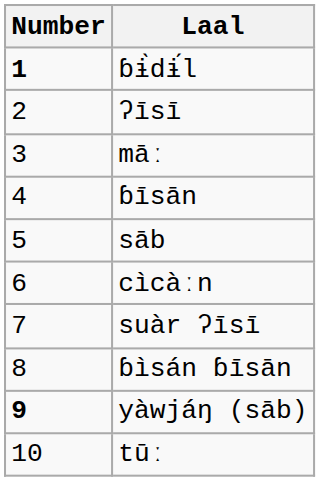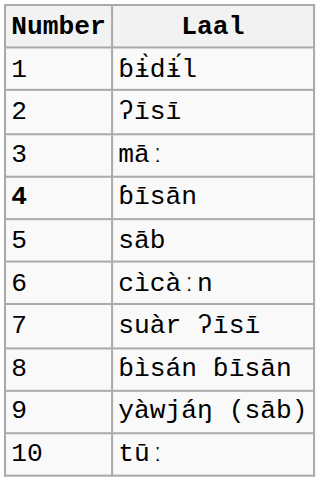 <table class="wikitable">
 <tr>
 <th>Number</th>
 <th>Laal</th>
 </tr>
 <tr>
-<td><strong>1</strong></td>
+<td>1</td>
 <td>ɓɨ̀dɨ́l</td>
 </tr>
 <tr>
 <td>2</td>
 <td>ʔīsī</td>
 </tr>
 <tr>
 <td>3</td>
 <td>māː</td>
 </tr>
 <tr>
-<td>4</td>
+<td><strong>4</strong></td>
 <td>ɓīsān</td>
 </tr>
 <tr>
 <td>5</td>
 <td>sāb</td>
 </tr>
 <tr>
 <td>6</td>
 <td>cìcàːn</td>
 </tr>
 <tr>
 <td>7</td>
 <td>suàr ʔīsī</td>
 </tr>
 <tr>
 <td>8</td>
 <td>ɓìsán ɓīsān</td>
 </tr>
 <tr>
-<td><strong>9</strong></td>
+<td>9</td>
 <td>yàwjáŋ (sāb)</td>
 </tr>
 <tr>
 <td>10</td>
 <td>tūː</td>
 </tr>
 </table>
